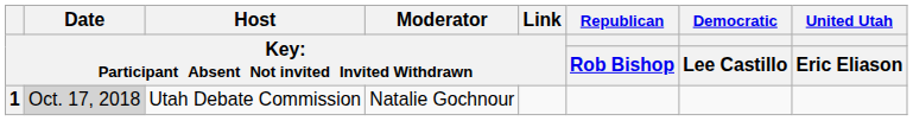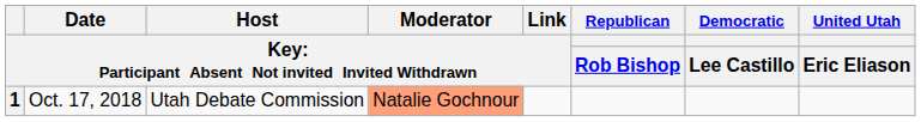 <table class="wikitable" style="text-align:center;">
 <tr>
 <th scope="col"></th>
 <th scope="col">Date</th>
 <th scope="col">Host</th>
 <th scope="col">Moderator</th>
 <th scope="col">Link</th>
 <th scope="col"><small><a href='#'>Republican</a></small></th>
 <th scope="col"><small><a href='#'>Democratic</a></small></th>
 <th scope="col"><small><a href='#'>United Utah</a></small></th>
 </tr>
 <tr>
 <th colspan="5" rowspan="2">Key:<br> <small>Participant </small>  <small>Absent </small>  <small>Not invited </small>  <small>Invited  Withdrawn</small></th>
 <th scope="col" style="background:"></th>
 <th scope="col" style="background:"></th>
 <th scope="col" style="background:"></th>
 </tr>
 <tr>
 <th scope="col"><a href='#'>Rob Bishop</a></th>
 <th scope="col">Lee Castillo</th>
 <th scope="col">Eric Eliason</th>
 </tr>
 <tr>
 <th>1</th>
-<td style="background: lightgrey; white-space:nowrap;">Oct. 17, 2018</td>
+<td style="white-space:nowrap;">Oct. 17, 2018</td>
 <td style="white-space:nowrap;">Utah Debate Commission</td>
-<td style="white-space:nowrap;">Natalie Gochnour</td>
+<td style="background: lightsalmon; white-space:nowrap;">Natalie Gochnour</td>
 <td style="white-space:nowrap;"></td>
 <td></td>
 <td></td>
 <td></td>
 </tr>
 </table>
